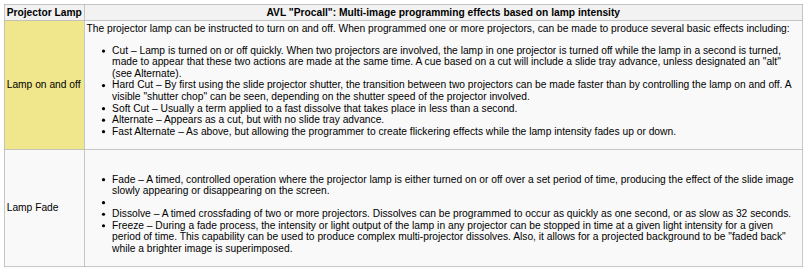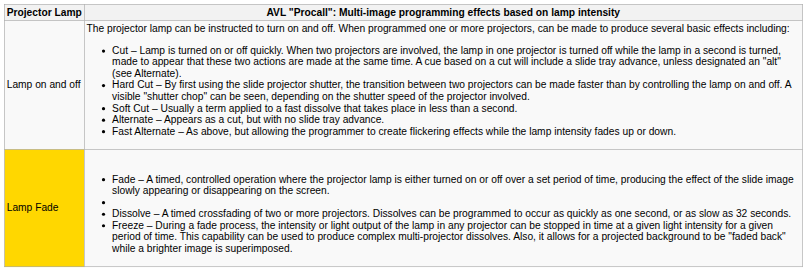 <table class="wikitable">
 <tr>
 <th>Projector Lamp</th>
 <th colspan="2">AVL "Procall": Multi-image programming effects based on lamp intensity</th>
 </tr>
 <tr>
-<td style="background: khaki;">Lamp on and off</td>
+<td>Lamp on and off</td>
 <td>The projector lamp can be instructed to turn on and off. When programmed one or more projectors, can be made to produce several basic effects including:<br><ul><li>Cut – Lamp is turned on or off quickly. When two projectors are involved, the lamp in one projector is turned off while the lamp in a second is turned, made to appear that these two actions are made at the same time. A cue based on a cut will include a slide tray advance, unless designated an "alt" (see Alternate).</li><li>Hard Cut – By first using the slide projector shutter, the transition between two projectors can be made faster than by controlling the lamp on and off. A visible "shutter chop" can be seen, depending on the shutter speed of the projector involved.</li><li>Soft Cut – Usually a term applied to a fast dissolve that takes place in less than a second.</li><li>Alternate – Appears as a cut, but with no slide tray advance.</li><li>Fast Alternate – As above, but allowing the programmer to create flickering effects while the lamp intensity fades up or down.</li></ul></td>
 </tr>
 <tr>
-<td>Lamp Fade</td>
+<td style="background: gold;">Lamp Fade</td>
 <td><br><ul><li>Fade – A timed, controlled operation where the projector lamp is either turned on or off over a set period of time, producing the effect of the slide image slowly appearing or disappearing on the screen.</li><li></li><li>Dissolve – A timed crossfading of two or more projectors. Dissolves can be programmed to occur as quickly as one second, or as slow as 32 seconds.</li><li>Freeze – During a fade process, the intensity or light output of the lamp in any projector can be stopped in time at a given light intensity for a given period of time. This capability can be used to produce complex multi-projector dissolves. Also, it allows for a projected background to be "faded back" while a brighter image is superimposed.</li></ul></td>
 </tr>
 </table>
